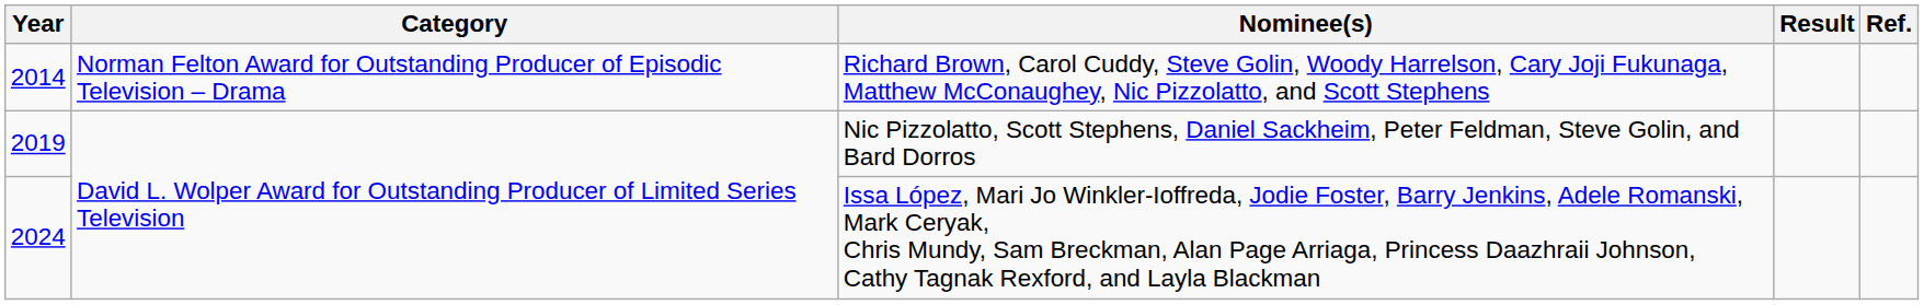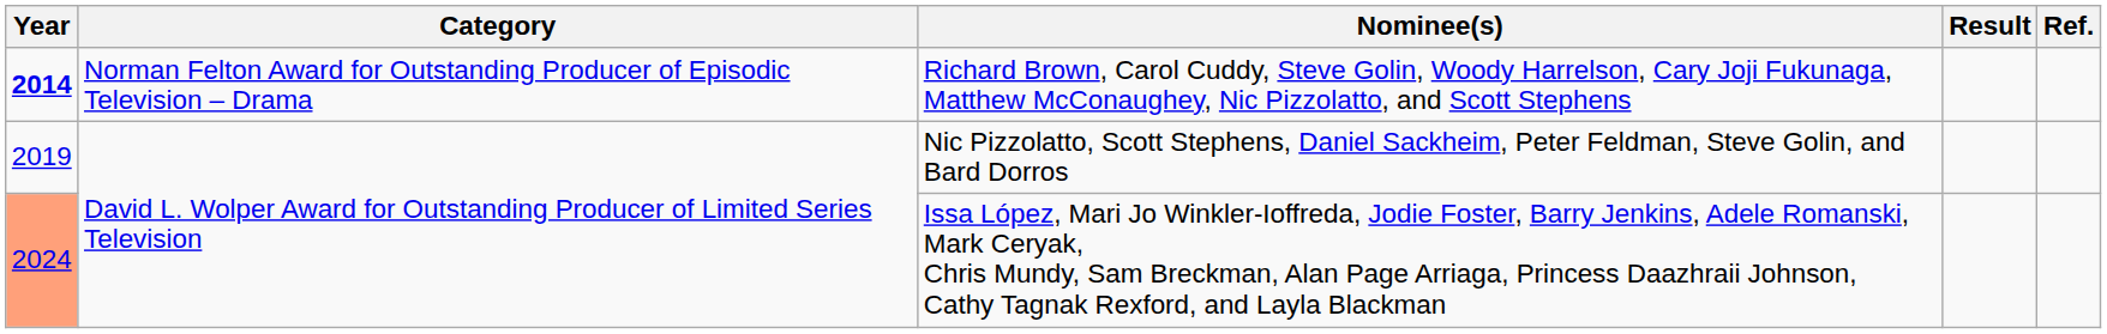 <table class="wikitable plainrowheaders">
 <tr>
 <th>Year</th>
 <th>Category</th>
 <th>Nominee(s)</th>
 <th>Result</th>
 <th>Ref.</th>
 </tr>
 <tr>
-<td><a href='#'>2014</a></td>
+<td><strong><a href='#'>2014</a></strong></td>
 <td><a href='#'>Norman Felton Award for Outstanding Producer of Episodic Television – Drama</a></td>
 <td><a href='#'>Richard Brown</a>, Carol Cuddy, <a href='#'>Steve Golin</a>, <a href='#'>Woody Harrelson</a>, <a href='#'>Cary Joji Fukunaga</a>, <br> <a href='#'>Matthew McConaughey</a>, <a href='#'>Nic Pizzolatto</a>, and <a href='#'>Scott Stephens</a></td>
 <td></td>
 <td align="center"> <br> </td>
 </tr>
 <tr>
 <td><a href='#'>2019</a></td>
 <td rowspan="2"><a href='#'>David L. Wolper Award for Outstanding Producer of Limited Series Television</a></td>
 <td>Nic Pizzolatto, Scott Stephens, <a href='#'>Daniel Sackheim</a>, Peter Feldman, Steve Golin, and Bard Dorros</td>
 <td></td>
 <td align="center"></td>
 </tr>
 <tr>
-<td><a href='#'>2024</a></td>
+<td style="background: lightsalmon;"><a href='#'>2024</a></td>
 <td><a href='#'>Issa López</a>, Mari Jo Winkler-Ioffreda, <a href='#'>Jodie Foster</a>, <a href='#'>Barry Jenkins</a>, <a href='#'>Adele Romanski</a>, Mark Ceryak, <br> Chris Mundy, Sam Breckman, Alan Page Arriaga, Princess Daazhraii Johnson, <br> Cathy Tagnak Rexford, and Layla Blackman</td>
 <td></td>
 <td align="center"></td>
 </tr>
 </table>
